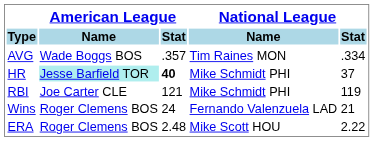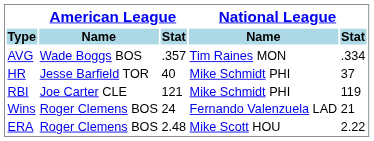 <table cellpadding="1" style="width:auto;font-size: 90%; border: 1px solid gray;">
 <tr align="center" style="font-size: larger;">
 <td> </td>
 <th colspan=2><a href='#'>American League</a></th>
 <th colspan=2><a href='#'>National League</a></th>
 </tr>
 <tr style="background:lightblue;">
 <th>Type</th>
 <th>Name</th>
 <th>Stat</th>
 <th>Name</th>
 <th>Stat</th>
 </tr>
 <tr align="center" style="vertical-align: middle;" style="background:lightblue;">
 </tr>
 <tr>
 <td><a href='#'>AVG</a></td>
 <td><a href='#'>Wade Boggs</a> BOS</td>
 <td>.357</td>
 <td><a href='#'>Tim Raines</a> MON</td>
 <td>.334</td>
 </tr>
 <tr>
 <td><a href='#'>HR</a></td>
-<td style="background: paleturquoise;"><a href='#'>Jesse Barfield</a> TOR</td>
-<td><strong>40</strong></td>
+<td><a href='#'>Jesse Barfield</a> TOR</td>
+<td>40</td>
 <td><a href='#'>Mike Schmidt</a> PHI</td>
 <td>37</td>
 </tr>
 <tr>
 <td><a href='#'>RBI</a></td>
 <td><a href='#'>Joe Carter</a> CLE</td>
 <td>121</td>
 <td><a href='#'>Mike Schmidt</a> PHI</td>
 <td>119</td>
 </tr>
 <tr>
 <td><a href='#'>Wins</a></td>
 <td><a href='#'>Roger Clemens</a> BOS</td>
 <td>24</td>
 <td><a href='#'>Fernando Valenzuela</a> LAD</td>
 <td>21</td>
 </tr>
 <tr>
 <td><a href='#'>ERA</a></td>
 <td><a href='#'>Roger Clemens</a> BOS</td>
 <td>2.48</td>
 <td><a href='#'>Mike Scott</a> HOU</td>
 <td>2.22</td>
 </tr>
 </table>
